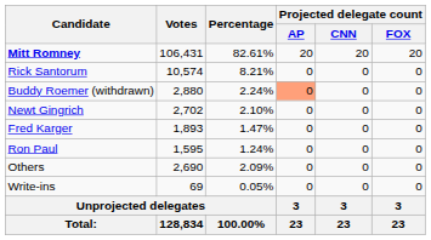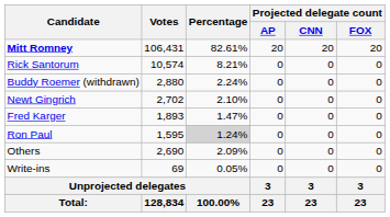 <table class="wikitable" style="text-align:right;">
 <tr>
 <th rowspan="2">Candidate</th>
 <th rowspan="2">Votes</th>
 <th rowspan="2">Percentage</th>
 <th colspan="3">Projected delegate count</th>
 </tr>
 <tr>
 <th><a href='#'>AP</a><br> </th>
 <th><a href='#'>CNN</a></th>
 <th><a href='#'>FOX</a></th>
 </tr>
 <tr>
 <td style="text-align:left;"> <strong><a href='#'>Mitt Romney</a></strong></td>
 <td>106,431</td>
 <td>82.61%</td>
 <td>20</td>
 <td>20</td>
 <td>20</td>
 </tr>
 <tr>
 <td style="text-align:left;"><a href='#'>Rick Santorum</a></td>
 <td>10,574</td>
 <td>8.21%</td>
 <td>0</td>
 <td>0</td>
 <td>0</td>
 </tr>
 <tr>
 <td style="text-align:left;"><a href='#'>Buddy Roemer</a> (withdrawn)</td>
 <td>2,880</td>
 <td>2.24%</td>
-<td style="background: lightsalmon;">0</td>
+<td>0</td>
 <td>0</td>
 <td>0</td>
 </tr>
 <tr>
 <td style="text-align:left;"><a href='#'>Newt Gingrich</a></td>
 <td>2,702</td>
 <td>2.10%</td>
 <td>0</td>
 <td>0</td>
 <td>0</td>
 </tr>
 <tr>
 <td style="text-align:left;"><a href='#'>Fred Karger</a></td>
 <td>1,893</td>
 <td>1.47%</td>
 <td>0</td>
 <td>0</td>
 <td>0</td>
 </tr>
 <tr>
 <td style="text-align:left;"><a href='#'>Ron Paul</a></td>
 <td>1,595</td>
-<td>1.24%</td>
+<td style="background: lightgrey;">1.24%</td>
 <td>0</td>
 <td>0</td>
 <td>0</td>
 </tr>
 <tr>
 <td style="text-align:left;">Others</td>
 <td>2,690</td>
 <td>2.09%</td>
 <td>0</td>
 <td>0</td>
 <td>0</td>
 </tr>
 <tr>
 <td style="text-align:left;">Write-ins</td>
 <td>69</td>
 <td>0.05%</td>
 <td>0</td>
 <td>0</td>
 <td>0</td>
 </tr>
 <tr style="background:#eee;">
 <th colspan="3">Unprojected delegates</th>
 <th>3</th>
 <th>3</th>
 <th>3</th>
 </tr>
 <tr style="background:#eee;">
 <th>Total:</th>
 <th>128,834</th>
 <th>100.00%</th>
 <th>23</th>
 <th>23</th>
 <th>23</th>
 </tr>
 </table>
